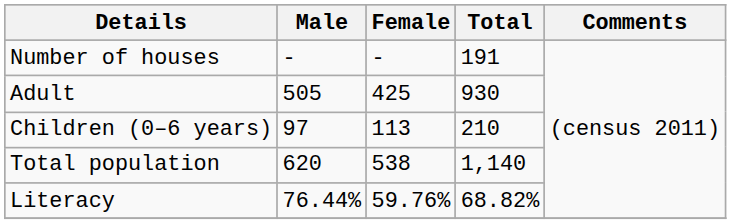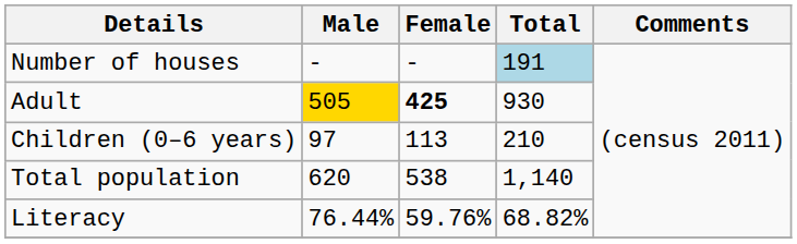 <table class="wikitable sortable">
 <tr>
 <th>Details</th>
 <th>Male</th>
 <th>Female</th>
 <th>Total</th>
 <th>Comments</th>
 </tr>
 <tr>
 <td>Number of houses</td>
 <td>-</td>
 <td>-</td>
-<td>191</td>
+<td style="background: lightblue;">191</td>
 <td rowspan="5">(census 2011) </td>
 </tr>
 <tr>
 <td>Adult</td>
-<td>505</td>
-<td>425</td>
+<td style="background: gold;">505</td>
+<td><strong>425</strong></td>
 <td>930</td>
 </tr>
 <tr>
 <td>Children (0–6 years)</td>
 <td>97</td>
 <td>113</td>
 <td>210</td>
 </tr>
 <tr>
 <td>Total population</td>
 <td>620</td>
 <td>538</td>
 <td>1,140</td>
 </tr>
 <tr>
 <td>Literacy</td>
 <td>76.44%</td>
 <td>59.76%</td>
 <td>68.82%</td>
 </tr>
 <tr>
 </tr>
 </table>
